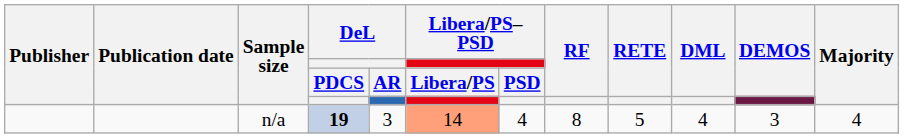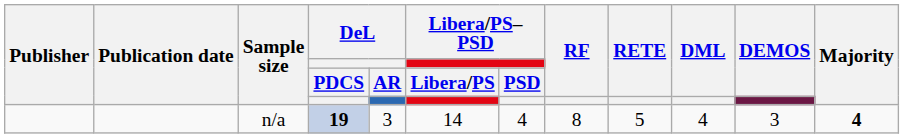 <table class="wikitable tpl-blanktablele" style="text-align:center;font-size:90%;line-height:14px;">
 <tr style="height:40px;">
 <th rowspan="4">Publisher</th>
 <th rowspan="4">Publication date</th>
 <th rowspan="4">Sample<br>size</th>
 <th colspan="2" class="unsortable" style="width:40px;"><a href='#'>DeL</a></th>
 <th colspan="2" class="unsortable" style="width:40px;"><a href='#'>Libera</a>/<a href='#'>PS</a>–<a href='#'>PSD</a></th>
 <th rowspan="3" class="unsortable" style="width:40px;"><a href='#'>RF</a></th>
 <th rowspan="3" class="unsortable" style="width:40px;"><a href='#'>RETE</a></th>
 <th rowspan="3" class="unsortable" style="width:40px;"><a href='#'>DML</a></th>
 <th rowspan="3" class="unsortable" style="width:40px;"><a href='#'>DEMOS</a></th>
 <th rowspan="4" style="width:30px;">Majority</th>
 </tr>
 <tr>
 <th colspan="2" style="background:"></th>
 <th colspan="2" style="background:#E30514;"></th>
 </tr>
 <tr>
 <th><a href='#'>PDCS</a></th>
 <th><a href='#'>AR</a></th>
 <th><a href='#'>Libera</a>/<a href='#'>PS</a></th>
 <th><a href='#'>PSD</a></th>
 </tr>
 <tr>
 <th style="background:"></th>
 <th style="background:#2A68B1;"></th>
 <th style="background:#E30514;"></th>
 <th style="background:"></th>
 <th style="background:"></th>
 <th style="background:"></th>
 <th style="background:"></th>
 <th style="background:#6B1744;"></th>
 </tr>
 <tr>
 <td></td>
 <td></td>
 <td>n/a</td>
 <td style="background:#C2D0E7;"><strong>19</strong></td>
 <td>3</td>
-<td style="background: lightsalmon;">14</td>
+<td>14</td>
 <td>4</td>
 <td>8</td>
 <td>5</td>
 <td>4</td>
 <td>3</td>
-<td style="background:">4</td>
+<td style="background:"><strong>4</strong></td>
 </tr>
 </table>
